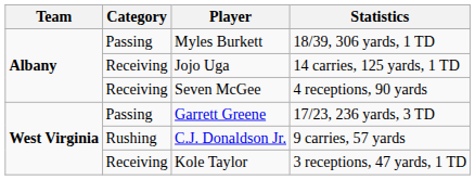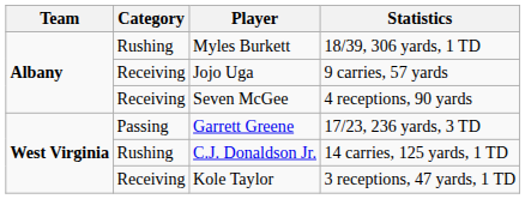 <table class="wikitable" style="float: right;">
 <tr>
 <th>Team</th>
 <th>Category</th>
 <th>Player</th>
 <th>Statistics</th>
 </tr>
 <tr>
 <td rowspan=3><strong>Albany</strong></td>
-<td>Passing</td>
+<td>Rushing</td>
 <td>Myles Burkett</td>
 <td>18/39, 306 yards, 1 TD</td>
 </tr>
 <tr>
 <td>Receiving</td>
 <td>Jojo Uga</td>
-<td>14 carries, 125 yards, 1 TD</td>
+<td>9 carries, 57 yards</td>
 </tr>
 <tr>
 <td>Receiving</td>
 <td>Seven McGee</td>
 <td>4 receptions, 90 yards</td>
 </tr>
 <tr>
 <td rowspan=3><strong>West Virginia</strong></td>
 <td>Passing</td>
 <td><a href='#'>Garrett Greene</a></td>
 <td>17/23, 236 yards, 3 TD</td>
 </tr>
 <tr>
 <td>Rushing</td>
 <td><a href='#'>C.J. Donaldson Jr.</a></td>
-<td>9 carries, 57 yards</td>
+<td>14 carries, 125 yards, 1 TD</td>
 </tr>
 <tr>
 <td>Receiving</td>
 <td>Kole Taylor</td>
 <td>3 receptions, 47 yards, 1 TD</td>
 </tr>
 </table>
